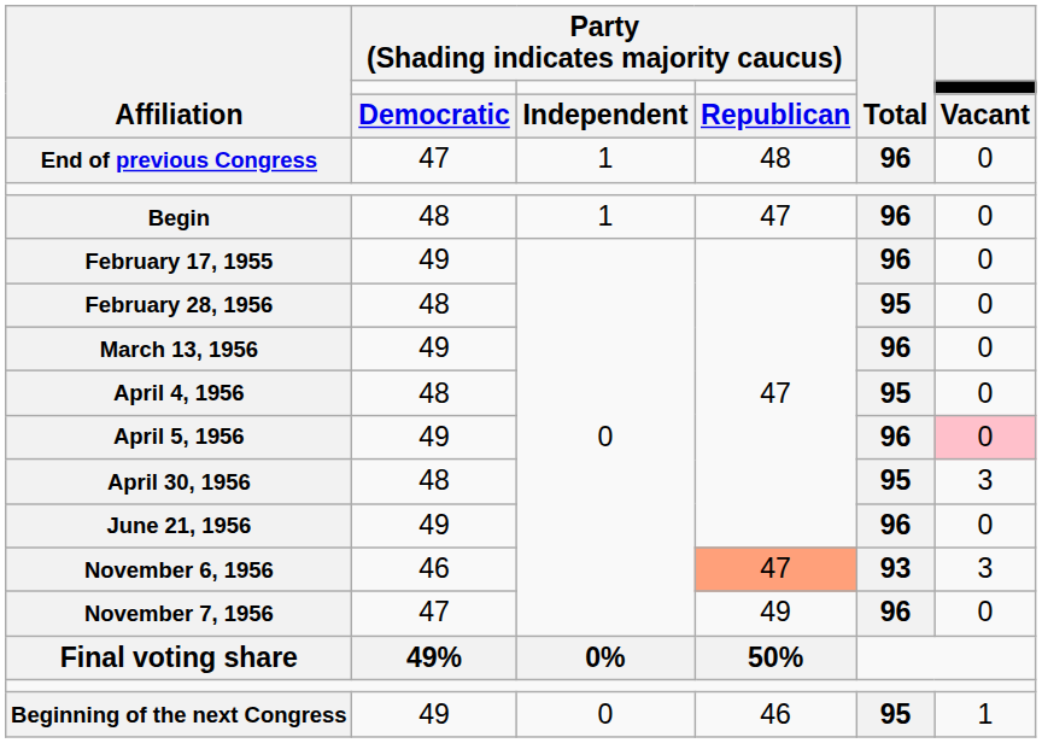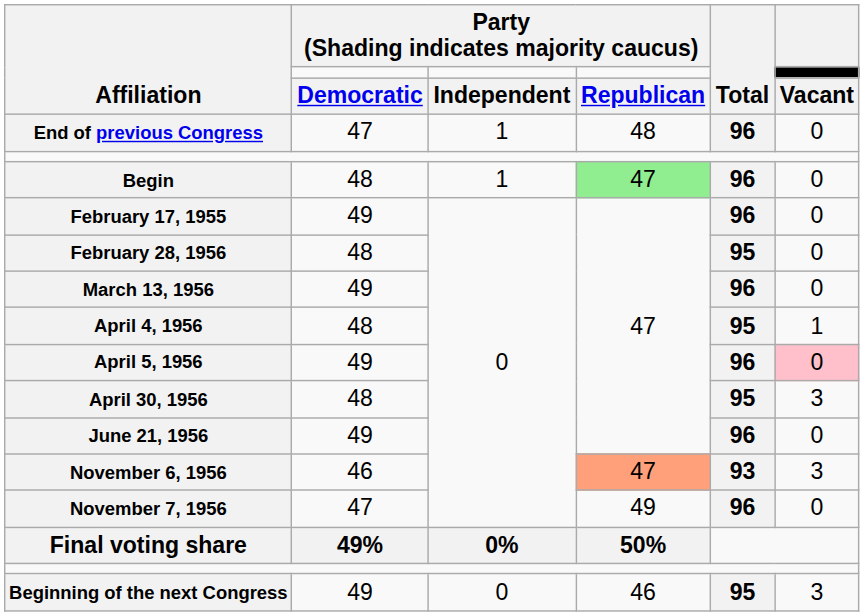 <table class="wikitable" style="text-align:center">
 <tr style="vertical-align:bottom">
 <th rowspan=3>Affiliation</th>
 <th colspan=3>Party <div>(Shading indicates majority caucus)</div></th>
 <th rowspan=3>Total</th>
 <th></th>
 </tr>
 <tr style="height:5px">
 <td style="background-color:"></td>
 <td style="background-color:"></td>
 <td style="background-color:"></td>
 <td style="background-color:black"></td>
 </tr>
 <tr>
 <th><a href='#'>Democratic</a></th>
 <th>Independent</th>
 <th><a href='#'>Republican</a></th>
 <th>Vacant</th>
 </tr>
 <tr>
 <th nowrap style="font-size:80%">End of <a href='#'>previous Congress</a></th>
 <td>47</td>
 <td>1</td>
 <td>48</td>
 <th>96</th>
 <td>0</td>
 </tr>
 <tr>
 <td colspan=6></td>
 </tr>
 <tr>
 <th nowrap style="font-size:80%">Begin</th>
 <td>48</td>
 <td>1</td>
-<td>47</td>
+<td style="background: lightgreen;">47</td>
 <th>96</th>
 <td>0</td>
 </tr>
 <tr style="text-align:center">
 <th nowrap style="font-size:80%">February 17, 1955</th>
 <td>49</td>
 <td rowspan=9>0</td>
 <td rowspan=7>47</td>
 <th>96</th>
 <td>0</td>
 </tr>
 <tr style="text-align:center">
 <th nowrap style="font-size:80%">February 28, 1956</th>
 <td>48</td>
 <th>95</th>
 <td>0</td>
 </tr>
 <tr style="text-align:center">
 <th nowrap style="font-size:80%">March 13, 1956</th>
 <td>49</td>
 <th>96</th>
 <td>0</td>
 </tr>
 <tr style="text-align:center">
 <th nowrap style="font-size:80%">April 4, 1956</th>
 <td>48</td>
 <th>95</th>
-<td>0</td>
+<td>1</td>
 </tr>
 <tr style="text-align:center">
 <th nowrap style="font-size:80%">April 5, 1956</th>
 <td>49</td>
 <th>96</th>
 <td style="background: pink;">0</td>
 </tr>
 <tr style="text-align:center">
 <th nowrap style="font-size:80%">April 30, 1956</th>
 <td>48</td>
 <th>95</th>
 <td>3</td>
 </tr>
 <tr style="text-align:center">
 <th nowrap style="font-size:80%">June 21, 1956</th>
 <td>49</td>
 <th>96</th>
 <td>0</td>
 </tr>
 <tr style="text-align:center">
 <th nowrap style="font-size:80%">November 6, 1956</th>
 <td>46</td>
 <td style="background: lightsalmon;">47</td>
 <th>93</th>
 <td>3</td>
 </tr>
 <tr style="text-align:center">
 <th nowrap style="font-size:80%">November 7, 1956</th>
 <td>47</td>
 <td>49</td>
 <th>96</th>
 <td>0</td>
 </tr>
 <tr style="text-align:center">
 <th>Final voting share</th>
 <th>49%</th>
 <th>0%</th>
 <th>50%</th>
 <td colspan=2></td>
 </tr>
 <tr>
 <td colspan=6></td>
 </tr>
 <tr>
 <th nowrap style="font-size:80%">Beginning of the next Congress</th>
 <td>49</td>
 <td>0</td>
 <td>46</td>
 <th>95</th>
-<td>1</td>
+<td>3</td>
 </tr>
 </table>
